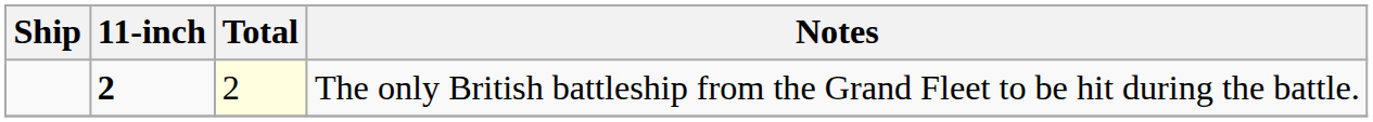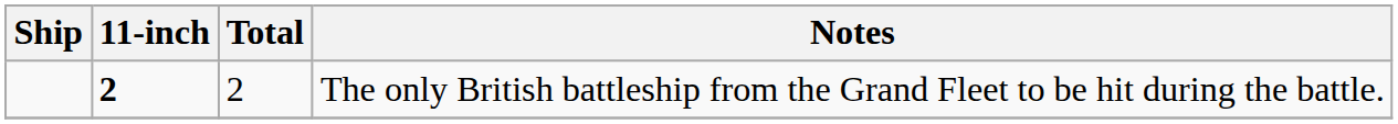 <table class="wikitable">
 <tr>
 <th>Ship</th>
 <th>11-inch</th>
 <th>Total</th>
 <th>Notes</th>
 </tr>
 <tr>
 <td></td>
 <td><strong>2</strong></td>
-<td style="background: lightyellow;">2</td>
+<td>2</td>
 <td>The only British battleship from the Grand Fleet to be hit during the battle.</td>
 </tr>
 <tr>
 </tr>
 </table>
